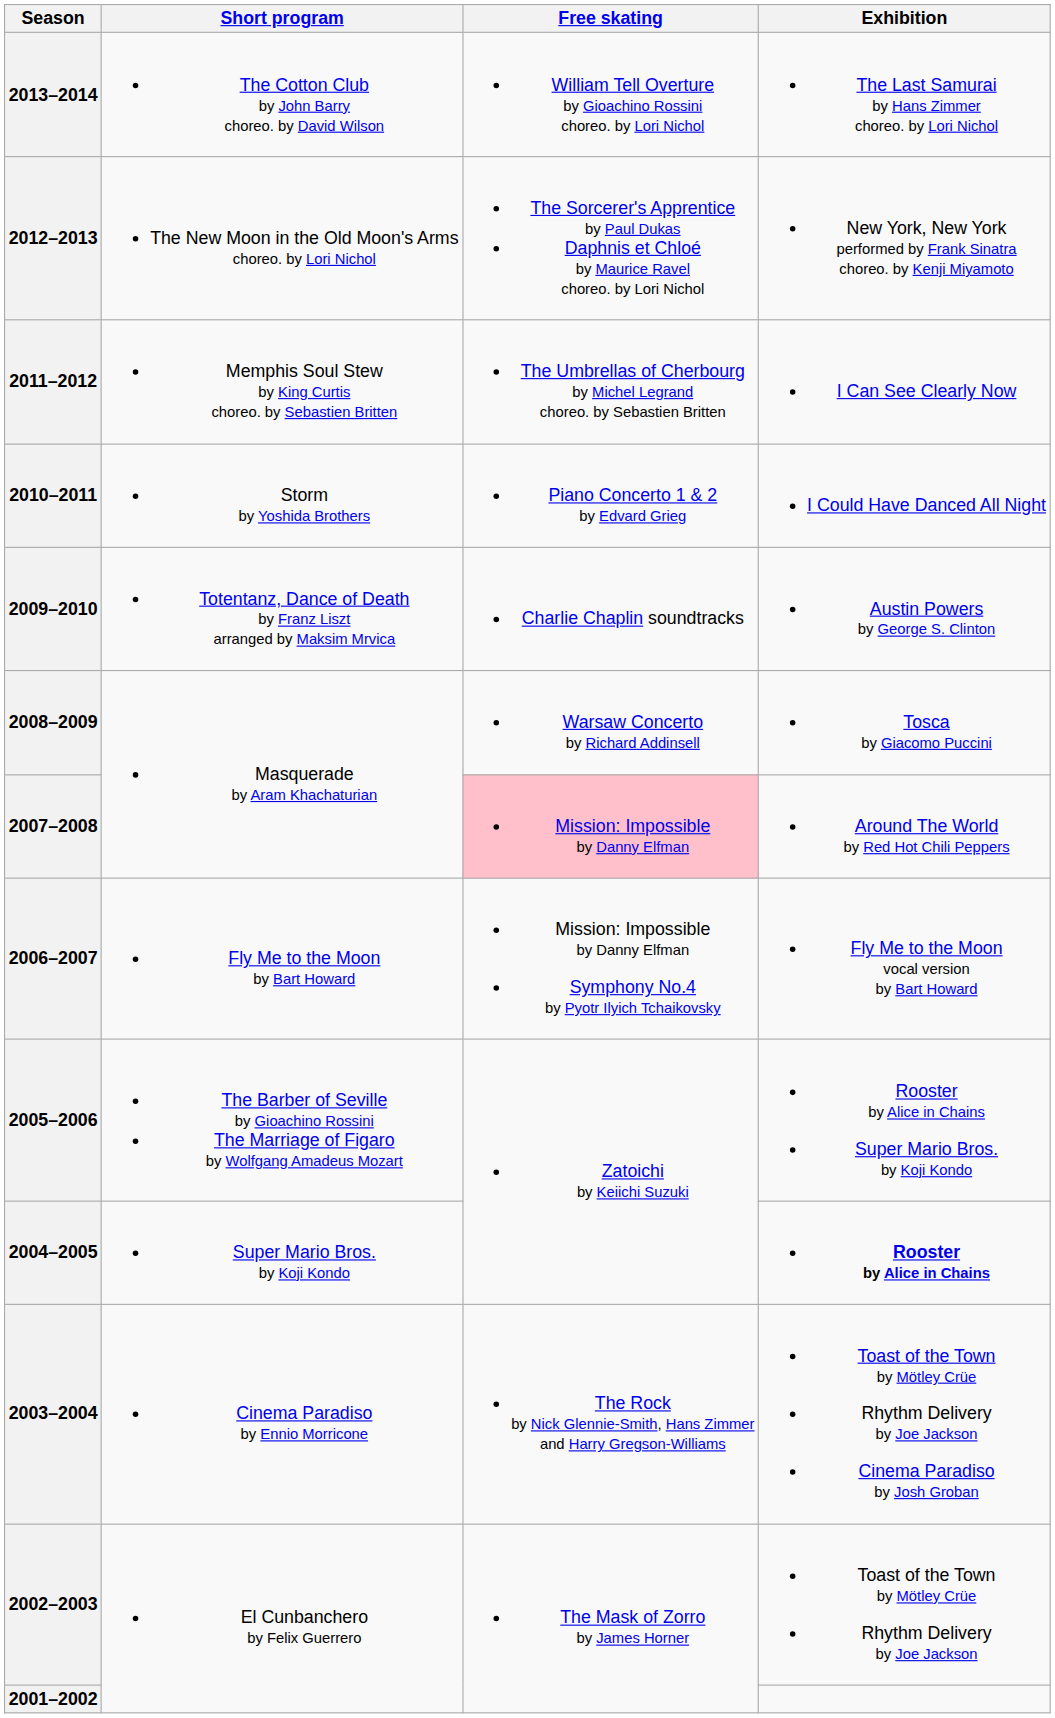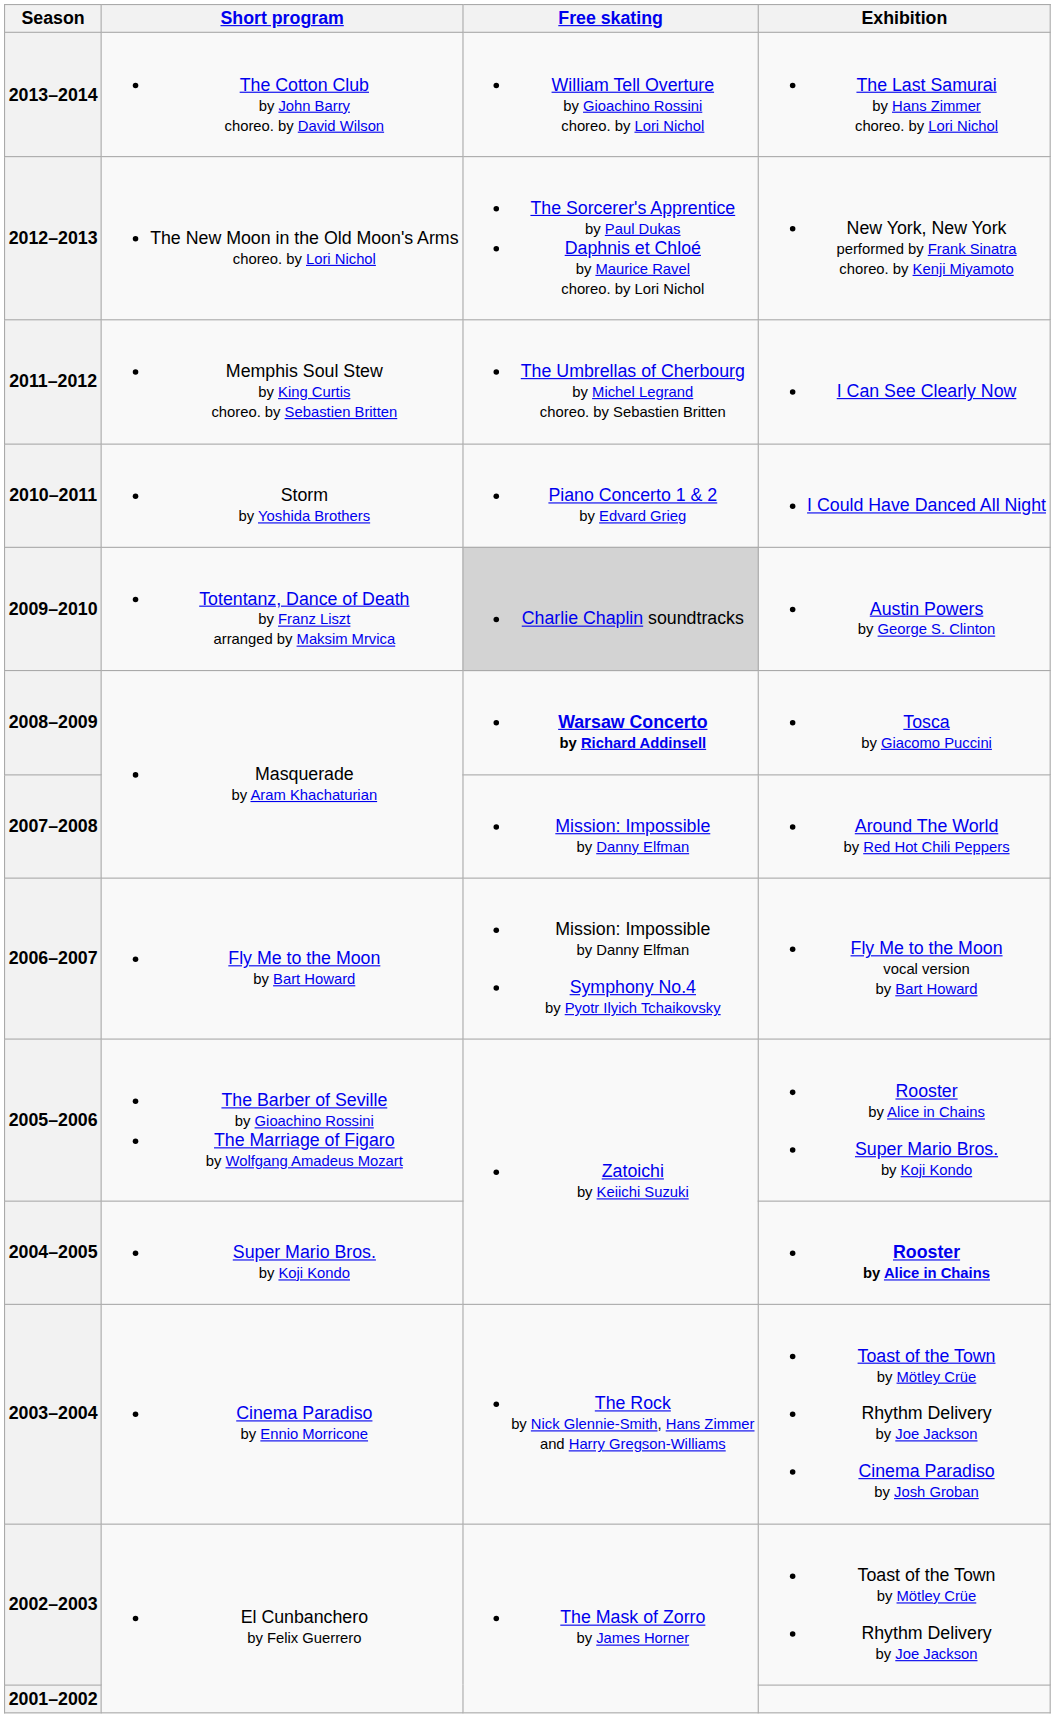 <table class="wikitable" style="text-align:center">
 <tr>
 <th>Season</th>
 <th><a href='#'>Short program</a></th>
 <th><a href='#'>Free skating</a></th>
 <th>Exhibition</th>
 </tr>
 <tr>
 <th>2013–2014 <br> </th>
 <td><br><ul><li><a href='#'>The Cotton Club</a> <br><small> by <a href='#'>John Barry</a> <br>choreo. by <a href='#'>David Wilson</a> </small></li></ul></td>
 <td><br><ul><li><a href='#'>William Tell Overture</a> <br><small> by <a href='#'>Gioachino Rossini</a> <br>choreo. by <a href='#'>Lori Nichol</a> </small></li></ul></td>
 <td><br><ul><li><a href='#'>The Last Samurai</a> <br><small> by <a href='#'>Hans Zimmer</a> <br>choreo. by <a href='#'>Lori Nichol</a> </small></li></ul></td>
 </tr>
 <tr>
 <th>2012–2013 <br> </th>
 <td><br><ul><li>The New Moon in the Old Moon's Arms <br><small> choreo. by <a href='#'>Lori Nichol</a> </small></li></ul></td>
 <td><br><ul><li><a href='#'>The Sorcerer's Apprentice</a> <br><small> by <a href='#'>Paul Dukas</a> </small></li><li><a href='#'>Daphnis et Chloé</a> <br><small> by <a href='#'>Maurice Ravel</a> <br> choreo. by Lori Nichol </small></li></ul></td>
 <td><br><ul><li>New York, New York <br><small> performed by <a href='#'>Frank Sinatra</a> <br> choreo. by <a href='#'>Kenji Miyamoto</a> </small></li></ul></td>
 </tr>
 <tr>
 <th>2011–2012 <br> </th>
 <td><br><ul><li>Memphis Soul Stew <br><small> by <a href='#'>King Curtis</a> <br> choreo. by <a href='#'>Sebastien Britten</a> </small></li></ul></td>
 <td><br><ul><li><a href='#'>The Umbrellas of Cherbourg</a> <br><small> by <a href='#'>Michel Legrand</a> <br> choreo. by Sebastien Britten </small></li></ul></td>
 <td><br><ul><li><a href='#'>I Can See Clearly Now</a></li></ul></td>
 </tr>
 <tr>
 <th>2010–2011 <br> </th>
 <td><br><ul><li>Storm <br><small> by <a href='#'>Yoshida Brothers</a> </small></li></ul></td>
 <td><br><ul><li><a href='#'>Piano Concerto 1 & 2</a> <br><small> by <a href='#'>Edvard Grieg</a> </small></li></ul></td>
 <td><br><ul><li><a href='#'>I Could Have Danced All Night</a></li></ul></td>
 </tr>
 <tr>
 <th>2009–2010 <br> </th>
 <td><br><ul><li><a href='#'>Totentanz, Dance of Death</a> <br><small> by <a href='#'>Franz Liszt</a> <br> arranged by <a href='#'>Maksim Mrvica</a> </small></li></ul></td>
-<td><br><ul><li><a href='#'>Charlie Chaplin</a> soundtracks</li></ul></td>
+<td style="background: lightgrey;"><br><ul><li><a href='#'>Charlie Chaplin</a> soundtracks</li></ul></td>
 <td><br><ul><li><a href='#'>Austin Powers</a> <br><small> by <a href='#'>George S. Clinton</a> </small></li></ul></td>
 </tr>
 <tr>
 <th>2008–2009 <br> </th>
 <td rowspan=2><br><ul><li>Masquerade <br><small> by <a href='#'>Aram Khachaturian</a> </small></li></ul></td>
-<td><br><ul><li><a href='#'>Warsaw Concerto</a> <br><small> by <a href='#'>Richard Addinsell</a> </small></li></ul></td>
+<td><strong><br><ul><li><a href='#'>Warsaw Concerto</a> <br><small> by <a href='#'>Richard Addinsell</a> </small></li></ul></strong></td>
 <td><br><ul><li><a href='#'>Tosca</a> <br><small> by <a href='#'>Giacomo Puccini</a> </small></li></ul></td>
 </tr>
 <tr>
 <th>2007–2008</th>
-<td style="background: pink;"><br><ul><li><a href='#'>Mission: Impossible</a> <br><small> by <a href='#'>Danny Elfman</a> </small></li></ul></td>
+<td><br><ul><li><a href='#'>Mission: Impossible</a> <br><small> by <a href='#'>Danny Elfman</a> </small></li></ul></td>
 <td><br><ul><li><a href='#'>Around The World</a> <br><small> by <a href='#'>Red Hot Chili Peppers</a> </small></li></ul></td>
 </tr>
 <tr>
 <th>2006–2007 <br> </th>
 <td><br><ul><li><a href='#'>Fly Me to the Moon</a> <br><small> by <a href='#'>Bart Howard</a> </small></li></ul></td>
 <td><br><ul><li>Mission: Impossible <br><small> by Danny Elfman </small></li></ul><ul><li><a href='#'>Symphony No.4</a> <br><small> by <a href='#'>Pyotr Ilyich Tchaikovsky</a> </small></li></ul></td>
 <td><br><ul><li><a href='#'>Fly Me to the Moon</a> <br><small> vocal version <br> by <a href='#'>Bart Howard</a> </small></li></ul></td>
 </tr>
 <tr>
 <th>2005–2006 <br> </th>
 <td><br><ul><li><a href='#'>The Barber of Seville</a> <br><small> by <a href='#'>Gioachino Rossini</a> </small></li><li><a href='#'>The Marriage of Figaro</a> <br><small> by <a href='#'>Wolfgang Amadeus Mozart</a></small></li></ul></td>
 <td rowspan=2><br><ul><li><a href='#'>Zatoichi</a> <br><small> by <a href='#'>Keiichi Suzuki</a> </small></li></ul></td>
 <td><br><ul><li><a href='#'>Rooster</a> <br><small> by <a href='#'>Alice in Chains</a> </small></li></ul><ul><li><a href='#'>Super Mario Bros.</a> <br><small> by <a href='#'>Koji Kondo</a> </small></li></ul></td>
 </tr>
 <tr>
 <th>2004–2005 <br> </th>
 <td><br><ul><li><a href='#'>Super Mario Bros.</a> <br><small> by <a href='#'>Koji Kondo</a> </small></li></ul></td>
 <td><strong><br><ul><li><a href='#'>Rooster</a> <br><small> by <a href='#'>Alice in Chains</a> </small></li></ul></strong></td>
 </tr>
 <tr>
 <th>2003–2004 <br> </th>
 <td><br><ul><li><a href='#'>Cinema Paradiso</a> <br><small> by <a href='#'>Ennio Morricone</a> </small></li></ul></td>
 <td><br><ul><li><a href='#'>The Rock</a> <br><small> by <a href='#'>Nick Glennie-Smith</a>, <a href='#'>Hans Zimmer</a> <br> and <a href='#'>Harry Gregson-Williams</a> </small></li></ul></td>
 <td><br><ul><li><a href='#'>Toast of the Town</a> <br><small> by <a href='#'>Mötley Crüe</a> </small></li></ul><ul><li>Rhythm Delivery <br><small> by <a href='#'>Joe Jackson</a> </small></li></ul><ul><li><a href='#'>Cinema Paradiso</a> <br><small> by <a href='#'>Josh Groban</a> </small></li></ul></td>
 </tr>
 <tr>
 <th>2002–2003</th>
 <td rowspan=2><br><ul><li>El Cunbanchero <br><small> by Felix Guerrero </small></li></ul></td>
 <td rowspan=2><br><ul><li><a href='#'>The Mask of Zorro</a> <br><small> by <a href='#'>James Horner</a> </small></li></ul></td>
 <td><br><ul><li>Toast of the Town <br><small> by <a href='#'>Mötley Crüe</a> </small></li></ul><ul><li>Rhythm Delivery <br><small> by <a href='#'>Joe Jackson</a> </small></li></ul></td>
 </tr>
 <tr>
 <th>2001–2002</th>
 <td></td>
 </tr>
 </table>
